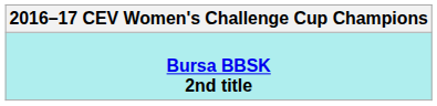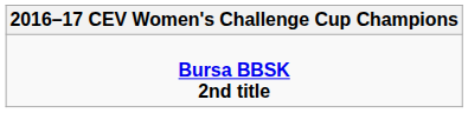 <table class=wikitable style="text-align:center; margin:auto">
 <tr>
 <th>2016–17 CEV Women's Challenge Cup Champions</th>
 </tr>
 <tr>
-<td style="background: paleturquoise;"><br> <strong><a href='#'>Bursa BBSK</a></strong><br> <strong>2nd title</strong></td>
+<td><br> <strong><a href='#'>Bursa BBSK</a></strong><br> <strong>2nd title</strong></td>
 </tr>
 </table>
